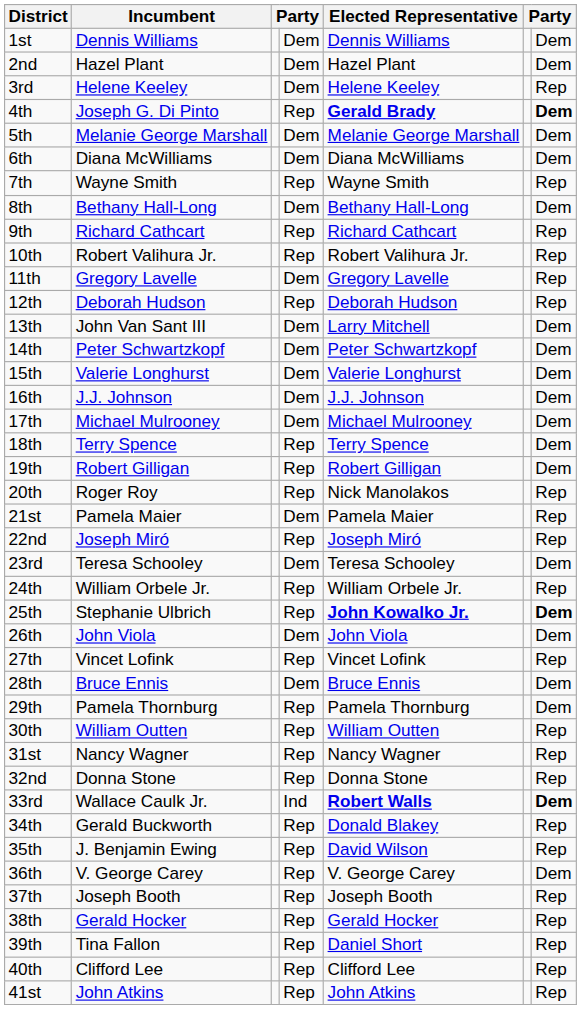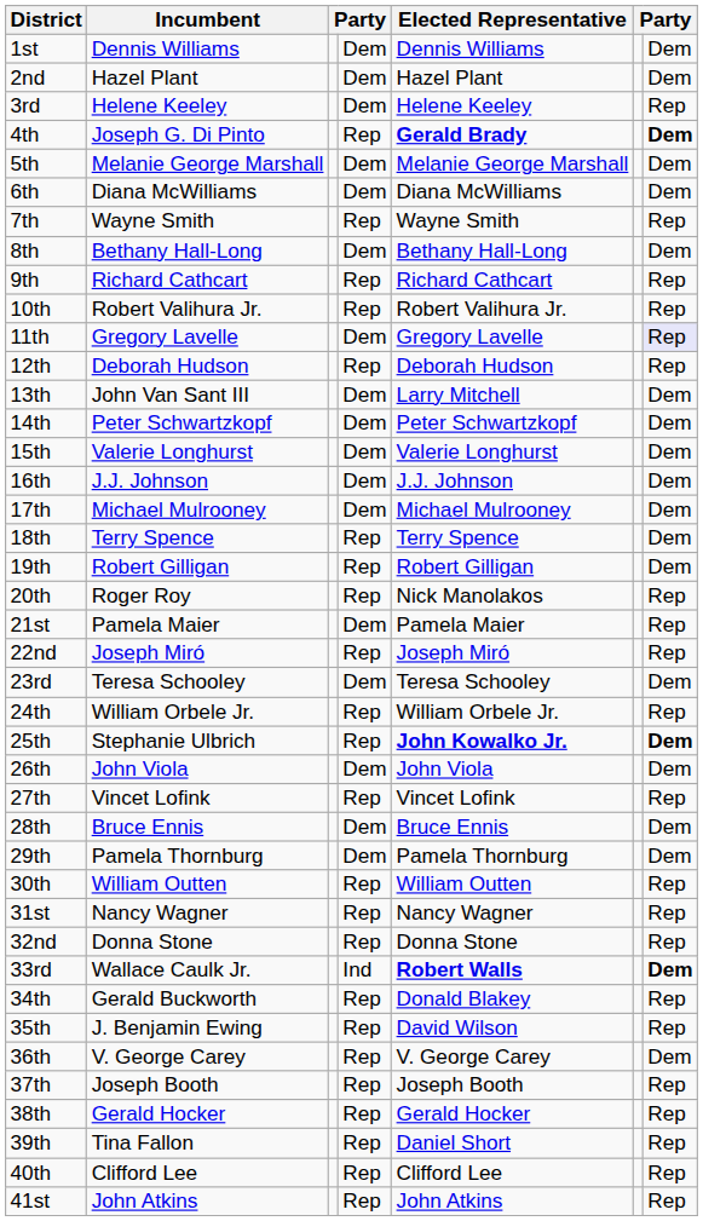 <table class="sortable wikitable" style="font-size:95%;line-height:14px;">
 <tr>
 <th class="sortable">District</th>
 <th class="unsortable">Incumbent</th>
 <th colspan="2">Party</th>
 <th class="unsortable">Elected Representative</th>
 <th colspan="2">Party</th>
 </tr>
 <tr>
 <td>1st</td>
 <td><a href='#'>Dennis Williams</a></td>
 <td style="background:"></td>
 <td>Dem</td>
 <td><a href='#'>Dennis Williams</a></td>
 <td style="background:"></td>
 <td>Dem</td>
 </tr>
 <tr>
 <td>2nd</td>
 <td>Hazel Plant</td>
 <td style="background:"></td>
 <td>Dem</td>
 <td>Hazel Plant</td>
 <td style="background:"></td>
 <td>Dem</td>
 </tr>
 <tr>
 <td>3rd</td>
 <td><a href='#'>Helene Keeley</a></td>
 <td style="background:"></td>
 <td>Dem</td>
 <td><a href='#'>Helene Keeley</a></td>
 <td style="background:"></td>
 <td>Rep</td>
 </tr>
 <tr>
 <td>4th</td>
 <td><a href='#'>Joseph G. Di Pinto</a></td>
 <td style="background:"></td>
 <td>Rep</td>
 <td><strong><a href='#'>Gerald Brady</a></strong></td>
 <td style="background:"></td>
 <td><strong>Dem</strong></td>
 </tr>
 <tr>
 <td>5th</td>
 <td><a href='#'>Melanie George Marshall</a></td>
 <td style="background:"></td>
 <td>Dem</td>
 <td><a href='#'>Melanie George Marshall</a></td>
 <td style="background:"></td>
 <td>Dem</td>
 </tr>
 <tr>
 <td>6th</td>
 <td>Diana McWilliams</td>
 <td style="background:"></td>
 <td>Dem</td>
 <td>Diana McWilliams</td>
 <td style="background:"></td>
 <td>Dem</td>
 </tr>
 <tr>
 <td>7th</td>
 <td>Wayne Smith</td>
 <td style="background:"></td>
 <td>Rep</td>
 <td>Wayne Smith</td>
 <td style="background:"></td>
 <td>Rep</td>
 </tr>
 <tr>
 <td>8th</td>
 <td><a href='#'>Bethany Hall-Long</a></td>
 <td style="background:"></td>
 <td>Dem</td>
 <td><a href='#'>Bethany Hall-Long</a></td>
 <td style="background:"></td>
 <td>Dem</td>
 </tr>
 <tr>
 <td>9th</td>
 <td><a href='#'>Richard Cathcart</a></td>
 <td style="background:"></td>
 <td>Rep</td>
 <td><a href='#'>Richard Cathcart</a></td>
 <td style="background:"></td>
 <td>Rep</td>
 </tr>
 <tr>
 <td>10th</td>
 <td>Robert Valihura Jr.</td>
 <td style="background:"></td>
 <td>Rep</td>
 <td>Robert Valihura Jr.</td>
 <td style="background:"></td>
 <td>Rep</td>
 </tr>
 <tr>
 <td>11th</td>
 <td><a href='#'>Gregory Lavelle</a></td>
 <td style="background:"></td>
 <td>Dem</td>
 <td><a href='#'>Gregory Lavelle</a></td>
 <td style="background:"></td>
-<td>Rep</td>
+<td style="background: lavender;">Rep</td>
 </tr>
 <tr>
 <td>12th</td>
 <td><a href='#'>Deborah Hudson</a></td>
 <td style="background:"></td>
 <td>Rep</td>
 <td><a href='#'>Deborah Hudson</a></td>
 <td style="background:"></td>
 <td>Rep</td>
 </tr>
 <tr>
 <td>13th</td>
 <td>John Van Sant III</td>
 <td style="background:"></td>
 <td>Dem</td>
 <td><a href='#'>Larry Mitchell</a></td>
 <td style="background:"></td>
 <td>Dem</td>
 </tr>
 <tr>
 <td>14th</td>
 <td><a href='#'>Peter Schwartzkopf</a></td>
 <td style="background:"></td>
 <td>Dem</td>
 <td><a href='#'>Peter Schwartzkopf</a></td>
 <td style="background:"></td>
 <td>Dem</td>
 </tr>
 <tr>
 <td>15th</td>
 <td><a href='#'>Valerie Longhurst</a></td>
 <td style="background:"></td>
 <td>Dem</td>
 <td><a href='#'>Valerie Longhurst</a></td>
 <td style="background:"></td>
 <td>Dem</td>
 </tr>
 <tr>
 <td>16th</td>
 <td><a href='#'>J.J. Johnson</a></td>
 <td style="background:"></td>
 <td>Dem</td>
 <td><a href='#'>J.J. Johnson</a></td>
 <td style="background:"></td>
 <td>Dem</td>
 </tr>
 <tr>
 <td>17th</td>
 <td><a href='#'>Michael Mulrooney</a></td>
 <td style="background:"></td>
 <td>Dem</td>
 <td><a href='#'>Michael Mulrooney</a></td>
 <td style="background:"></td>
 <td>Dem</td>
 </tr>
 <tr>
 <td>18th</td>
 <td><a href='#'>Terry Spence</a></td>
 <td style="background:"></td>
 <td>Rep</td>
 <td><a href='#'>Terry Spence</a></td>
 <td style="background:"></td>
 <td>Dem</td>
 </tr>
 <tr>
 <td>19th</td>
 <td><a href='#'>Robert Gilligan</a></td>
 <td style="background:"></td>
 <td>Rep</td>
 <td><a href='#'>Robert Gilligan</a></td>
 <td style="background:"></td>
 <td>Dem</td>
 </tr>
 <tr>
 <td>20th</td>
 <td>Roger Roy</td>
 <td style="background:"></td>
 <td>Rep</td>
 <td>Nick Manolakos</td>
 <td style="background:"></td>
 <td>Rep</td>
 </tr>
 <tr>
 <td>21st</td>
 <td>Pamela Maier</td>
 <td style="background:"></td>
 <td>Dem</td>
 <td>Pamela Maier</td>
 <td style="background:"></td>
 <td>Rep</td>
 </tr>
 <tr>
 <td>22nd</td>
 <td><a href='#'>Joseph Miró</a></td>
 <td style="background:"></td>
 <td>Rep</td>
 <td><a href='#'>Joseph Miró</a></td>
 <td style="background:"></td>
 <td>Rep</td>
 </tr>
 <tr>
 <td>23rd</td>
 <td>Teresa Schooley</td>
 <td style="background:"></td>
 <td>Dem</td>
 <td>Teresa Schooley</td>
 <td style="background:"></td>
 <td>Dem</td>
 </tr>
 <tr>
 <td>24th</td>
 <td>William Orbele Jr.</td>
 <td style="background:"></td>
 <td>Rep</td>
 <td>William Orbele Jr.</td>
 <td style="background:"></td>
 <td>Rep</td>
 </tr>
 <tr>
 <td>25th</td>
 <td>Stephanie Ulbrich</td>
 <td style="background:"></td>
 <td>Rep</td>
 <td><strong><a href='#'>John Kowalko Jr.</a></strong></td>
 <td style="background:"></td>
 <td><strong>Dem</strong></td>
 </tr>
 <tr>
 <td>26th</td>
 <td><a href='#'>John Viola</a></td>
 <td style="background:"></td>
 <td>Dem</td>
 <td><a href='#'>John Viola</a></td>
 <td style="background:"></td>
 <td>Dem</td>
 </tr>
 <tr>
 <td>27th</td>
 <td>Vincet Lofink</td>
 <td style="background:"></td>
 <td>Rep</td>
 <td>Vincet Lofink</td>
 <td style="background:"></td>
 <td>Rep</td>
 </tr>
 <tr>
 <td>28th</td>
 <td><a href='#'>Bruce Ennis</a></td>
 <td style="background:"></td>
 <td>Dem</td>
 <td><a href='#'>Bruce Ennis</a></td>
 <td style="background:"></td>
 <td>Dem</td>
 </tr>
 <tr>
 <td>29th</td>
 <td>Pamela Thornburg</td>
 <td style="background:"></td>
-<td>Rep</td>
+<td>Dem</td>
 <td>Pamela Thornburg</td>
 <td style="background:"></td>
 <td>Dem</td>
 </tr>
 <tr>
 <td>30th</td>
 <td><a href='#'>William Outten</a></td>
 <td style="background:"></td>
 <td>Rep</td>
 <td><a href='#'>William Outten</a></td>
 <td style="background:"></td>
 <td>Rep</td>
 </tr>
 <tr>
 <td>31st</td>
 <td>Nancy Wagner</td>
 <td style="background:"></td>
 <td>Rep</td>
 <td>Nancy Wagner</td>
 <td style="background:"></td>
 <td>Rep</td>
 </tr>
 <tr>
 <td>32nd</td>
 <td>Donna Stone</td>
 <td style="background:"></td>
 <td>Rep</td>
 <td>Donna Stone</td>
 <td style="background:"></td>
 <td>Rep</td>
 </tr>
 <tr>
 <td>33rd</td>
 <td>Wallace Caulk Jr.</td>
 <td style="background:"></td>
 <td>Ind</td>
 <td><strong><a href='#'>Robert Walls</a></strong></td>
 <td style="background:"></td>
 <td><strong>Dem</strong></td>
 </tr>
 <tr>
 <td>34th</td>
 <td>Gerald Buckworth</td>
 <td style="background:"></td>
 <td>Rep</td>
 <td><a href='#'>Donald Blakey</a></td>
 <td style="background:"></td>
 <td>Rep</td>
 </tr>
 <tr>
 <td>35th</td>
 <td>J. Benjamin Ewing</td>
 <td style="background:"></td>
 <td>Rep</td>
 <td><a href='#'>David Wilson</a></td>
 <td style="background:"></td>
 <td>Rep</td>
 </tr>
 <tr>
 <td>36th</td>
 <td>V. George Carey</td>
 <td style="background:"></td>
 <td>Rep</td>
 <td>V. George Carey</td>
 <td style="background:"></td>
 <td>Dem</td>
 </tr>
 <tr>
 <td>37th</td>
 <td>Joseph Booth</td>
 <td style="background:"></td>
 <td>Rep</td>
 <td>Joseph Booth</td>
 <td style="background:"></td>
 <td>Rep</td>
 </tr>
 <tr>
 <td>38th</td>
 <td><a href='#'>Gerald Hocker</a></td>
 <td style="background:"></td>
 <td>Rep</td>
 <td><a href='#'>Gerald Hocker</a></td>
 <td style="background:"></td>
 <td>Rep</td>
 </tr>
 <tr>
 <td>39th</td>
 <td>Tina Fallon</td>
 <td style="background:"></td>
 <td>Rep</td>
 <td><a href='#'>Daniel Short</a></td>
 <td style="background:"></td>
 <td>Rep</td>
 </tr>
 <tr>
 <td>40th</td>
 <td>Clifford Lee</td>
 <td style="background:"></td>
 <td>Rep</td>
 <td>Clifford Lee</td>
 <td style="background:"></td>
 <td>Rep</td>
 </tr>
 <tr>
 <td>41st</td>
 <td><a href='#'>John Atkins</a></td>
 <td style="background:"></td>
 <td>Rep</td>
 <td><a href='#'>John Atkins</a></td>
 <td style="background:"></td>
 <td>Rep</td>
 </tr>
 <tr>
 </tr>
 </table>
